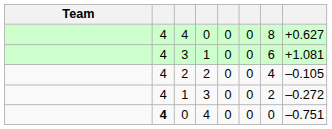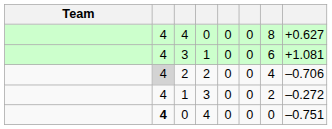 <table class="wikitable" style="text-align:center">
 <tr>
 <th width=180>Team</th>
 <th width=20></th>
 <th width=20></th>
 <th width=20></th>
 <th width=20></th>
 <th width=20></th>
 <th width=20></th>
 <th width=45></th>
 </tr>
 <tr style="background:#cfc">
 <td style="text-align:left;"></td>
 <td>4</td>
 <td>4</td>
 <td>0</td>
 <td>0</td>
 <td>0</td>
 <td>8</td>
 <td>+0.627</td>
 </tr>
 <tr style="background:#cfc">
 <td style="text-align:left;"></td>
 <td>4</td>
 <td>3</td>
 <td>1</td>
 <td>0</td>
 <td>0</td>
 <td>6</td>
 <td>+1.081</td>
 </tr>
 <tr>
 <td style="text-align:left;"></td>
-<td>4</td>
+<td style="background: lightgrey;">4</td>
 <td>2</td>
 <td>2</td>
 <td>0</td>
 <td>0</td>
 <td>4</td>
-<td>–0.105</td>
+<td>–0.706</td>
 </tr>
 <tr>
 <td style="text-align:left;"></td>
 <td>4</td>
 <td>1</td>
 <td>3</td>
 <td>0</td>
 <td>0</td>
 <td>2</td>
 <td>–0.272</td>
 </tr>
 <tr>
 <td style="text-align:left;"></td>
 <td><strong>4</strong></td>
 <td>0</td>
 <td>4</td>
 <td>0</td>
 <td>0</td>
 <td>0</td>
 <td>–0.751</td>
 </tr>
 </table>
